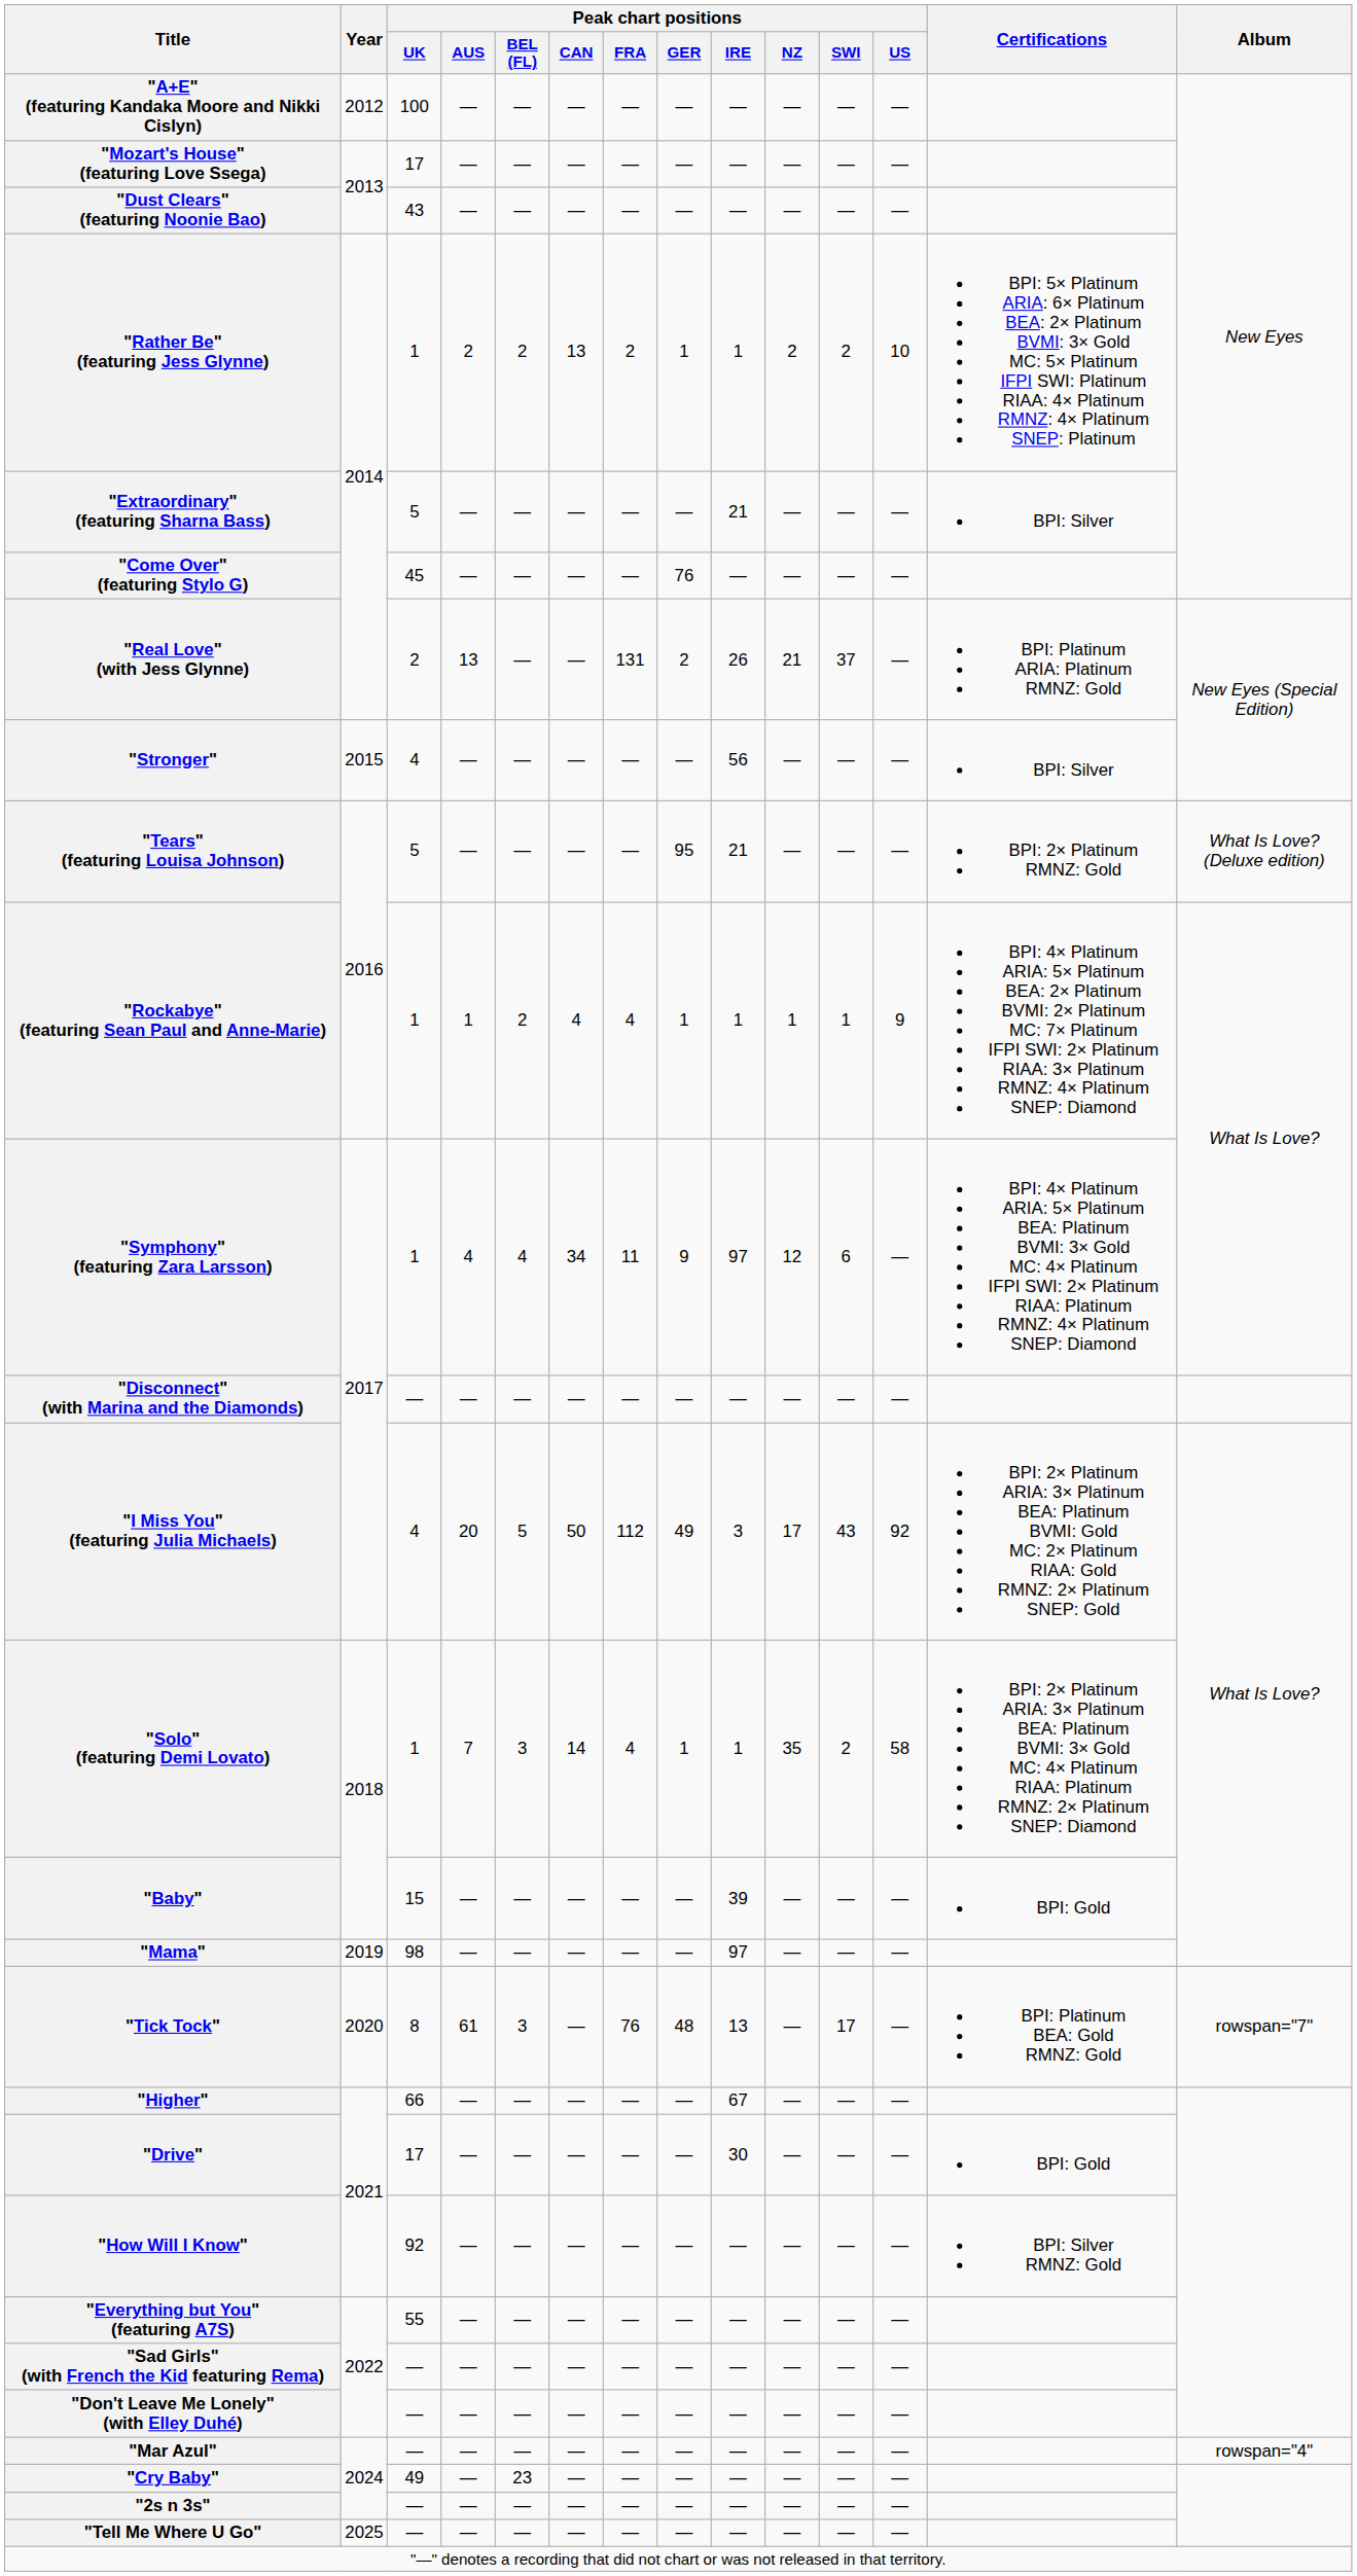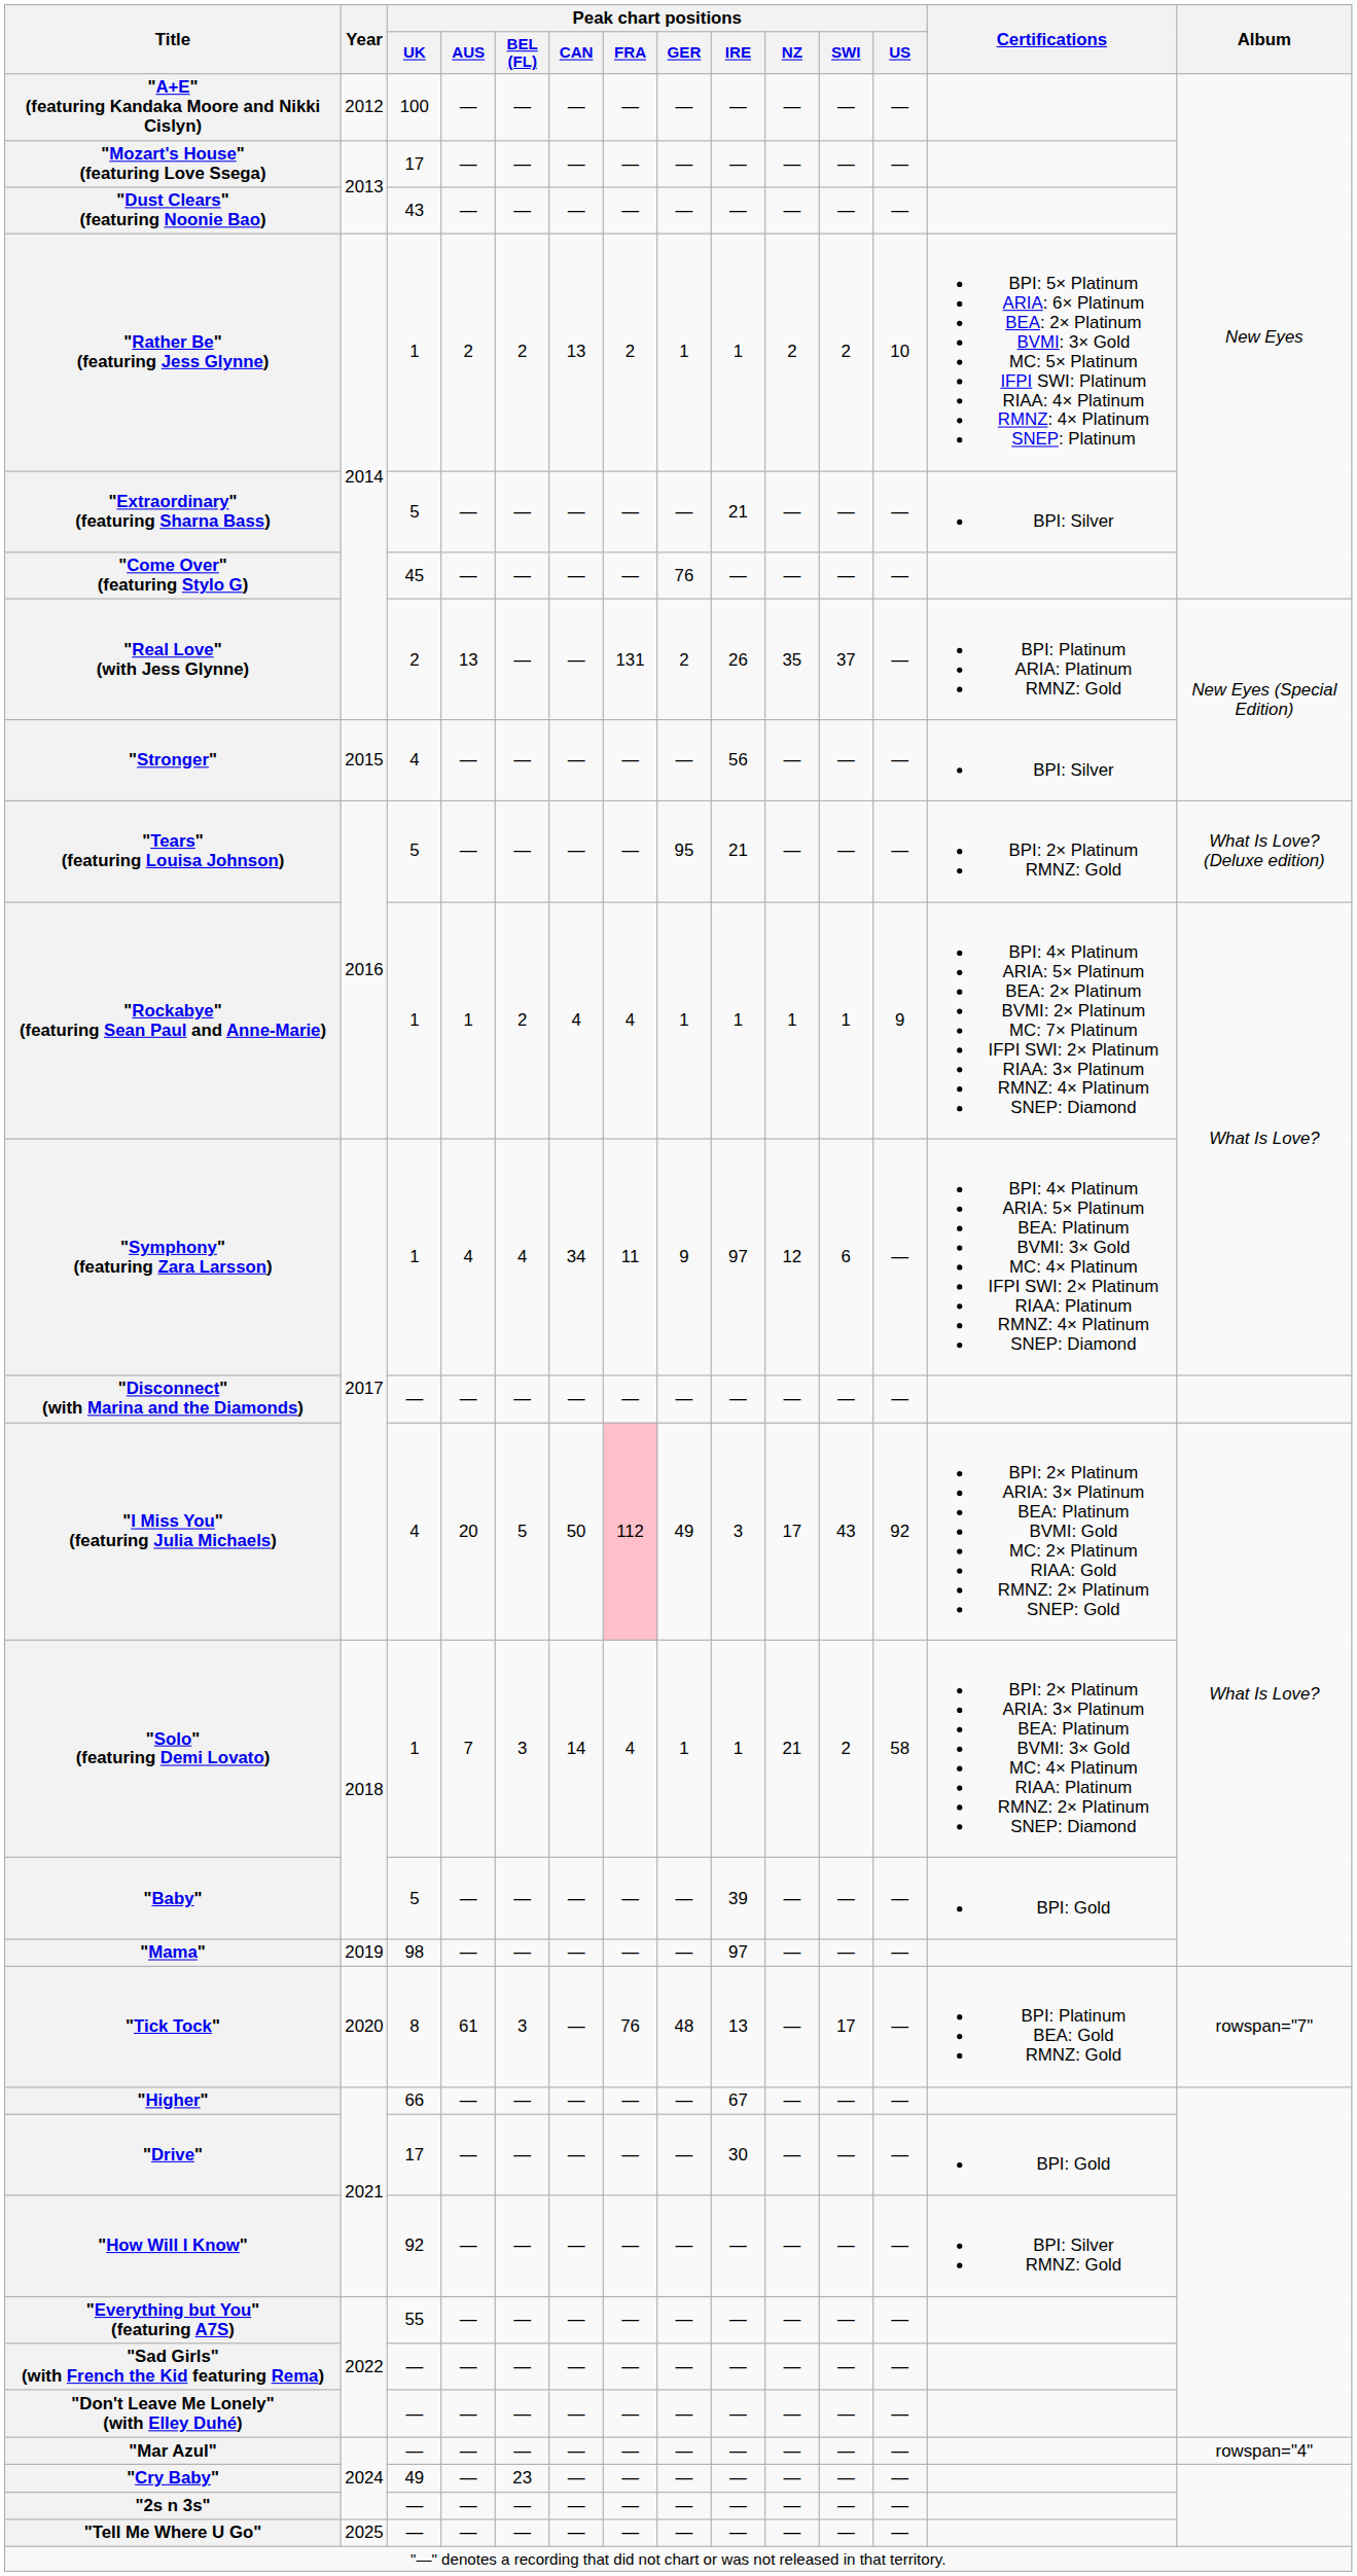 <table class="wikitable plainrowheaders" style="text-align:center;">
 <tr>
 <th scope="col" rowspan="2" style="width:19em;">Title</th>
 <th scope="col" rowspan="2" style="width:1em;">Year</th>
 <th scope="col" colspan="10">Peak chart positions</th>
 <th scope="col" rowspan="2" style="width:14em;"><a href='#'>Certifications</a></th>
 <th scope="col" rowspan="2">Album</th>
 </tr>
 <tr>
 <th scope="col" style="width:3em;font-size:90%;"><a href='#'>UK</a><br></th>
 <th scope="col" style="width:3em;font-size:90%;"><a href='#'>AUS</a><br></th>
 <th scope="col" style="width:3em;font-size:90%;"><a href='#'>BEL<br>(FL)</a><br></th>
 <th scope="col" style="width:3em;font-size:90%;"><a href='#'>CAN</a><br></th>
 <th scope="col" style="width:3em;font-size:90%;"><a href='#'>FRA</a><br></th>
 <th scope="col" style="width:3em;font-size:90%;"><a href='#'>GER</a><br></th>
 <th scope="col" style="width:3em;font-size:90%;"><a href='#'>IRE</a><br></th>
 <th scope="col" style="width:3em;font-size:90%;"><a href='#'>NZ</a><br></th>
 <th scope="col" style="width:3em;font-size:90%;"><a href='#'>SWI</a><br></th>
 <th scope="col" style="width:3em;font-size:90%;"><a href='#'>US</a><br></th>
 </tr>
 <tr>
 <th scope="row">"<a href='#'>A+E</a>"<br><span>(featuring Kandaka Moore and Nikki Cislyn)</span></th>
 <td>2012</td>
 <td>100</td>
 <td>—</td>
 <td>—</td>
 <td>—</td>
 <td>—</td>
 <td>—</td>
 <td>—</td>
 <td>—</td>
 <td>—</td>
 <td>—</td>
 <td></td>
 <td rowspan="6"><em>New Eyes</em></td>
 </tr>
 <tr>
 <th scope="row">"<a href='#'>Mozart's House</a>"<br><span>(featuring Love Ssega)</span></th>
 <td rowspan="2">2013</td>
 <td>17</td>
 <td>—</td>
 <td>—</td>
 <td>—</td>
 <td>—</td>
 <td>—</td>
 <td>—</td>
 <td>—</td>
 <td>—</td>
 <td>—</td>
 <td></td>
 </tr>
 <tr>
 <th scope="row">"<a href='#'>Dust Clears</a>"<br><span>(featuring <a href='#'>Noonie Bao</a>)</span></th>
 <td>43</td>
 <td>—</td>
 <td>—</td>
 <td>—</td>
 <td>—</td>
 <td>—</td>
 <td>—</td>
 <td>—</td>
 <td>—</td>
 <td>—</td>
 <td></td>
 </tr>
 <tr>
 <th scope="row">"<a href='#'>Rather Be</a>"<br><span>(featuring <a href='#'>Jess Glynne</a>)</span></th>
 <td rowspan="4">2014</td>
 <td>1</td>
 <td>2</td>
 <td>2</td>
 <td>13</td>
 <td>2</td>
 <td>1</td>
 <td>1</td>
 <td>2</td>
 <td>2</td>
 <td>10</td>
 <td><br><ul><li>BPI: 5× Platinum</li><li><a href='#'>ARIA</a>: 6× Platinum</li><li><a href='#'>BEA</a>: 2× Platinum</li><li><a href='#'>BVMI</a>: 3× Gold</li><li>MC: 5× Platinum</li><li><a href='#'>IFPI</a> SWI: Platinum</li><li>RIAA: 4× Platinum</li><li><a href='#'>RMNZ</a>: 4× Platinum</li><li><a href='#'>SNEP</a>: Platinum</li></ul></td>
 </tr>
 <tr>
 <th scope="row">"<a href='#'>Extraordinary</a>"<br><span>(featuring <a href='#'>Sharna Bass</a>)</span></th>
 <td>5</td>
 <td>—</td>
 <td>—</td>
 <td>—</td>
 <td>—</td>
 <td>—</td>
 <td>21</td>
 <td>—</td>
 <td>—</td>
 <td>—</td>
 <td><br><ul><li>BPI: Silver</li></ul></td>
 </tr>
 <tr>
 <th scope="row">"<a href='#'>Come Over</a>"<br><span>(featuring <a href='#'>Stylo G</a>)</span></th>
 <td>45</td>
 <td>—</td>
 <td>—</td>
 <td>—</td>
 <td>—</td>
 <td>76</td>
 <td>—</td>
 <td>—</td>
 <td>—</td>
 <td>—</td>
 <td></td>
 </tr>
 <tr>
 <th scope="row">"<a href='#'>Real Love</a>"<br><span>(with Jess Glynne)</span></th>
 <td>2</td>
 <td>13</td>
 <td>—</td>
 <td>—</td>
 <td>131</td>
 <td>2</td>
 <td>26</td>
-<td>21</td>
+<td>35</td>
 <td>37</td>
 <td>—</td>
 <td><br><ul><li>BPI: Platinum</li><li>ARIA: Platinum</li><li>RMNZ: Gold</li></ul></td>
 <td rowspan="2"><em>New Eyes (Special Edition)</em></td>
 </tr>
 <tr>
 <th scope="row">"<a href='#'>Stronger</a>"</th>
 <td>2015</td>
 <td>4</td>
 <td>—</td>
 <td>—</td>
 <td>—</td>
 <td>—</td>
 <td>—</td>
 <td>56</td>
 <td>—</td>
 <td>—</td>
 <td>—</td>
 <td><br><ul><li>BPI: Silver</li></ul></td>
 </tr>
 <tr>
 <th scope="row">"<a href='#'>Tears</a>"<br><span>(featuring <a href='#'>Louisa Johnson</a>)</span></th>
 <td rowspan="2">2016</td>
 <td>5</td>
 <td>—</td>
 <td>—</td>
 <td>—</td>
 <td>—</td>
 <td>95</td>
 <td>21</td>
 <td>—</td>
 <td>—</td>
 <td>—</td>
 <td><br><ul><li>BPI: 2× Platinum</li><li>RMNZ: Gold</li></ul></td>
 <td><em>What Is Love? (Deluxe edition)</em></td>
 </tr>
 <tr>
 <th scope="row">"<a href='#'>Rockabye</a>"<br><span>(featuring <a href='#'>Sean Paul</a> and <a href='#'>Anne-Marie</a>)</span></th>
 <td>1</td>
 <td>1</td>
 <td>2</td>
 <td>4</td>
 <td>4</td>
 <td>1</td>
 <td>1</td>
 <td>1</td>
 <td>1</td>
 <td>9</td>
 <td><br><ul><li>BPI: 4× Platinum</li><li>ARIA: 5× Platinum</li><li>BEA: 2× Platinum</li><li>BVMI: 2× Platinum</li><li>MC: 7× Platinum</li><li>IFPI SWI: 2× Platinum</li><li>RIAA: 3× Platinum</li><li>RMNZ: 4× Platinum</li><li>SNEP: Diamond</li></ul></td>
 <td rowspan="2"><em>What Is Love?</em></td>
 </tr>
 <tr>
 <th scope="row">"<a href='#'>Symphony</a>"<br><span>(featuring <a href='#'>Zara Larsson</a>)</span></th>
 <td rowspan="3">2017</td>
 <td>1</td>
 <td>4</td>
 <td>4</td>
 <td>34</td>
 <td>11</td>
 <td>9</td>
 <td>97</td>
 <td>12</td>
 <td>6</td>
 <td>—</td>
 <td><br><ul><li>BPI: 4× Platinum</li><li>ARIA: 5× Platinum</li><li>BEA: Platinum</li><li>BVMI: 3× Gold</li><li>MC: 4× Platinum</li><li>IFPI SWI: 2× Platinum</li><li>RIAA: Platinum</li><li>RMNZ: 4× Platinum</li><li>SNEP: Diamond</li></ul></td>
 </tr>
 <tr>
 <th scope="row">"<a href='#'>Disconnect</a>"<br><span>(with <a href='#'>Marina and the Diamonds</a>)</span></th>
 <td>—</td>
 <td>—</td>
 <td>—</td>
 <td>—</td>
 <td>—</td>
 <td>—</td>
 <td>—</td>
 <td>—</td>
 <td>—</td>
 <td>—</td>
 <td></td>
 <td></td>
 </tr>
 <tr>
 <th scope="row">"<a href='#'>I Miss You</a>"<br><span>(featuring <a href='#'>Julia Michaels</a>)</span></th>
 <td>4</td>
 <td>20</td>
 <td>5</td>
 <td>50</td>
-<td>112</td>
+<td style="background: pink;">112</td>
 <td>49</td>
 <td>3</td>
 <td>17</td>
 <td>43</td>
 <td>92</td>
 <td><br><ul><li>BPI: 2× Platinum</li><li>ARIA: 3× Platinum</li><li>BEA: Platinum</li><li>BVMI: Gold</li><li>MC: 2× Platinum</li><li>RIAA: Gold</li><li>RMNZ: 2× Platinum</li><li>SNEP: Gold</li></ul></td>
 <td rowspan="4"><em>What Is Love?</em></td>
 </tr>
 <tr>
 <th scope="row">"<a href='#'>Solo</a>"<br><span>(featuring <a href='#'>Demi Lovato</a>)</span></th>
 <td rowspan="2">2018</td>
 <td>1</td>
 <td>7</td>
 <td>3</td>
 <td>14</td>
 <td>4</td>
 <td>1</td>
 <td>1</td>
-<td>35</td>
+<td>21</td>
 <td>2</td>
 <td>58</td>
 <td><br><ul><li>BPI: 2× Platinum</li><li>ARIA: 3× Platinum</li><li>BEA: Platinum</li><li>BVMI: 3× Gold</li><li>MC: 4× Platinum</li><li>RIAA: Platinum</li><li>RMNZ: 2× Platinum</li><li>SNEP: Diamond</li></ul></td>
 </tr>
 <tr>
 <th scope="row">"<a href='#'>Baby</a>"<br></th>
-<td>15</td>
+<td>5</td>
 <td>—</td>
 <td>—</td>
 <td>—</td>
 <td>—</td>
 <td>—</td>
 <td>39</td>
 <td>—</td>
 <td>—</td>
 <td>—</td>
 <td><br><ul><li>BPI: Gold</li></ul></td>
 </tr>
 <tr>
 <th scope="row">"<a href='#'>Mama</a>"<br></th>
 <td>2019</td>
 <td>98</td>
 <td>—</td>
 <td>—</td>
 <td>—</td>
 <td>—</td>
 <td>—</td>
 <td>97</td>
 <td>—</td>
 <td>—</td>
 <td>—</td>
 <td></td>
 </tr>
 <tr>
 <th scope="row">"<a href='#'>Tick Tock</a>"<br></th>
 <td>2020</td>
 <td>8</td>
 <td>61</td>
 <td>3</td>
 <td>—</td>
 <td>76</td>
 <td>48</td>
 <td>13</td>
 <td>—</td>
 <td>17</td>
 <td>—</td>
 <td><br><ul><li>BPI: Platinum</li><li>BEA: Gold</li><li>RMNZ: Gold</li></ul></td>
 <td>rowspan="7" </td>
 </tr>
 <tr>
 <th scope="row">"<a href='#'>Higher</a>"<br></th>
 <td rowspan="3">2021</td>
 <td>66</td>
 <td>—</td>
 <td>—</td>
 <td>—</td>
 <td>—</td>
 <td>—</td>
 <td>67</td>
 <td>—</td>
 <td>—</td>
 <td>—</td>
 <td></td>
 </tr>
 <tr>
 <th scope="row">"<a href='#'>Drive</a>"<br></th>
 <td>17</td>
 <td>—</td>
 <td>—</td>
 <td>—</td>
 <td>—</td>
 <td>—</td>
 <td>30<br></td>
 <td>—</td>
 <td>—</td>
 <td>—</td>
 <td><br><ul><li>BPI: Gold</li></ul></td>
 </tr>
 <tr>
 <th scope="row">"<a href='#'>How Will I Know</a>"<br></th>
 <td>92</td>
 <td>—</td>
 <td>―</td>
 <td>―</td>
 <td>―</td>
 <td>―</td>
 <td>―</td>
 <td>―</td>
 <td>―</td>
 <td>―</td>
 <td><br><ul><li>BPI: Silver</li><li>RMNZ: Gold</li></ul></td>
 </tr>
 <tr>
 <th scope="row">"<a href='#'>Everything but You</a>" <br><span>(featuring <a href='#'>A7S</a>)</span></th>
 <td rowspan="3">2022</td>
 <td>55</td>
 <td>―</td>
 <td>―</td>
 <td>―</td>
 <td>―</td>
 <td>―</td>
 <td>―</td>
 <td>―</td>
 <td>―</td>
 <td>―</td>
 <td></td>
 </tr>
 <tr>
 <th scope="row">"Sad Girls"<br><span>(with <a href='#'>French the Kid</a> featuring <a href='#'>Rema</a>)</span></th>
 <td>—</td>
 <td>―</td>
 <td>―</td>
 <td>―</td>
 <td>―</td>
 <td>―</td>
 <td>―</td>
 <td>―</td>
 <td>―</td>
 <td>―</td>
 <td></td>
 </tr>
 <tr>
 <th scope="row">"Don't Leave Me Lonely"<br><span>(with <a href='#'>Elley Duhé</a>)</span></th>
 <td>—</td>
 <td>―</td>
 <td>―</td>
 <td>―</td>
 <td>―</td>
 <td>―</td>
 <td>―</td>
 <td>―</td>
 <td>―</td>
 <td>―</td>
 <td></td>
 </tr>
 <tr>
 <th scope="row">"Mar Azul"<br></th>
 <td rowspan="3">2024</td>
 <td>—</td>
 <td>―</td>
 <td>―</td>
 <td>―</td>
 <td>―</td>
 <td>―</td>
 <td>―</td>
 <td>―</td>
 <td>―</td>
 <td>―</td>
 <td></td>
 <td>rowspan="4" </td>
 </tr>
 <tr>
 <th scope="row">"<a href='#'>Cry Baby</a>"<br></th>
 <td>49</td>
 <td>―</td>
 <td>23</td>
 <td>―</td>
 <td>―</td>
 <td>―</td>
 <td>―</td>
 <td>―</td>
 <td>―</td>
 <td>―</td>
 <td></td>
 </tr>
 <tr>
 <th scope="row">"2s n 3s"<br></th>
 <td>—</td>
 <td>―</td>
 <td>―</td>
 <td>―</td>
 <td>―</td>
 <td>―</td>
 <td>―</td>
 <td>―</td>
 <td>―</td>
 <td>―</td>
 <td></td>
 </tr>
 <tr>
 <th scope="row">"Tell Me Where U Go"<br></th>
 <td>2025</td>
 <td>—</td>
 <td>―</td>
 <td>―</td>
 <td>―</td>
 <td>―</td>
 <td>―</td>
 <td>―</td>
 <td>―</td>
 <td>―</td>
 <td>―</td>
 <td></td>
 </tr>
 <tr>
 <td colspan="14" style="font-size:90%">"—" denotes a recording that did not chart or was not released in that territory.</td>
 </tr>
 </table>
